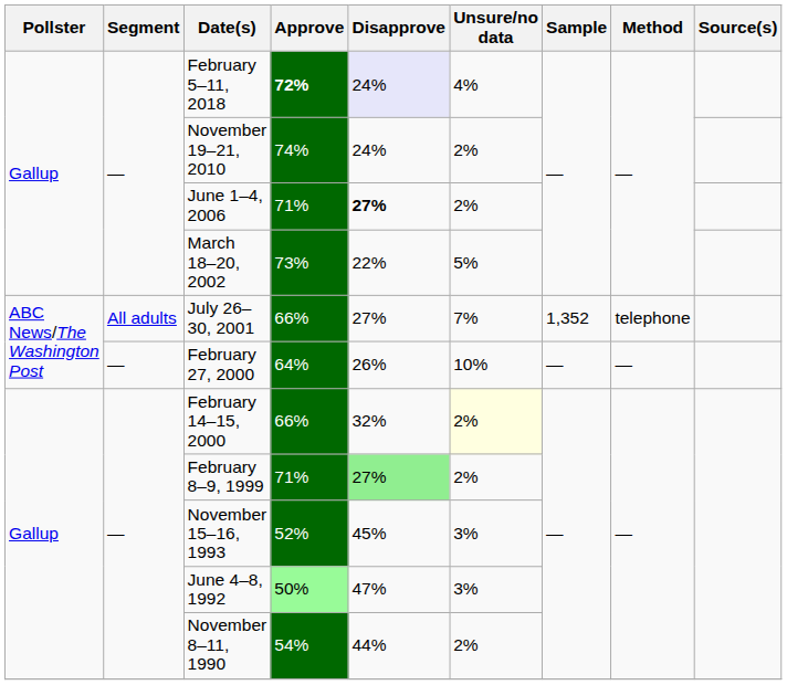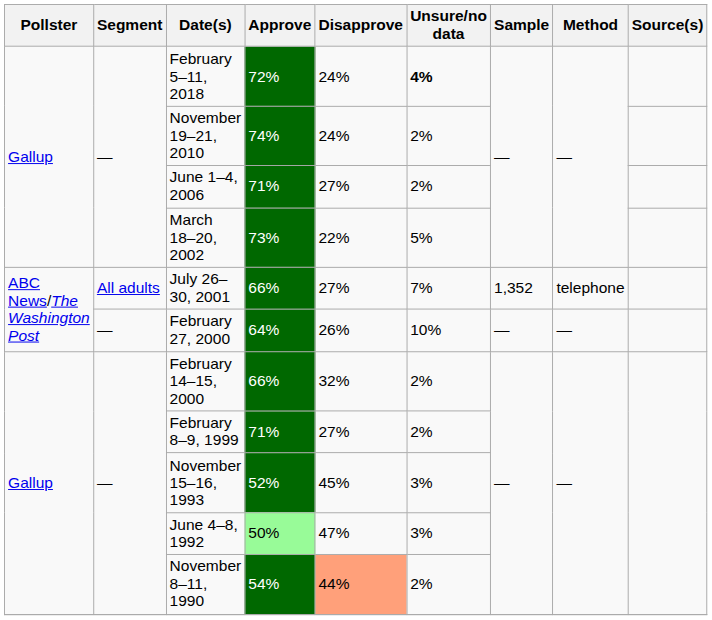 <table class="wikitable sortable" style="width:50%;">
 <tr>
 <th>Pollster</th>
 <th>Segment</th>
 <th>Date(s)</th>
 <th>Approve</th>
 <th>Disapprove</th>
 <th>Unsure/no data</th>
 <th>Sample</th>
 <th>Method</th>
 <th>Source(s)</th>
 </tr>
 <tr>
 <td rowspan="4"><a href='#'>Gallup</a></td>
 <td rowspan="4">—</td>
 <td>February 5–11, 2018</td>
-<td style="background:#006800;color:white"><strong>72%</strong></td>
-<td style="background: lavender;">24%</td>
-<td>4%</td>
+<td style="background:#006800;color:white">72%</td>
+<td>24%</td>
+<td><strong>4%</strong></td>
 <td rowspan="4">—</td>
 <td rowspan="4">—</td>
 <td></td>
 </tr>
 <tr>
 <td>November 19–21, 2010</td>
 <td style="background:#006800;color:white">74%</td>
 <td>24%</td>
 <td>2%</td>
 <td></td>
 </tr>
 <tr>
 <td>June 1–4, 2006</td>
 <td style="background:#006800;color:white">71%</td>
-<td><strong>27%</strong></td>
+<td>27%</td>
 <td>2%</td>
 <td></td>
 </tr>
 <tr>
 <td>March 18–20, 2002</td>
 <td style="background:#006800;color:white">73%</td>
 <td>22%</td>
 <td>5%</td>
 <td></td>
 </tr>
 <tr>
 <td rowspan="2"><a href='#'>ABC News</a>/<em><a href='#'>The Washington Post</a></em></td>
 <td><a href='#'>All adults</a></td>
 <td>July 26–30, 2001</td>
 <td style="background:#006800;color:white">66%</td>
 <td>27%</td>
 <td>7%</td>
 <td>1,352</td>
 <td>telephone</td>
 <td></td>
 </tr>
 <tr>
 <td>—</td>
 <td>February 27, 2000</td>
 <td style="background:#006800;color:white">64%</td>
 <td>26%</td>
 <td>10%</td>
 <td>—</td>
 <td>—</td>
 <td></td>
 </tr>
 <tr>
 <td rowspan="5"><a href='#'>Gallup</a></td>
 <td rowspan="5">—</td>
 <td>February 14–15, 2000</td>
 <td style="background:#006800;color:white">66%</td>
 <td>32%</td>
-<td style="background: lightyellow;">2%</td>
+<td>2%</td>
 <td rowspan="5">—</td>
 <td rowspan="5">—</td>
 <td rowspan="5"></td>
 </tr>
 <tr>
 <td>February 8–9, 1999</td>
 <td style="background:#006800;color:white">71%</td>
-<td style="background: lightgreen;">27%</td>
+<td>27%</td>
 <td>2%</td>
 </tr>
 <tr>
 <td>November 15–16, 1993</td>
 <td style="background:#006800;color:white">52%</td>
 <td>45%</td>
 <td>3%</td>
 </tr>
 <tr>
 <td>June 4–8, 1992</td>
 <td style="background:palegreen;color:black">50%</td>
 <td>47%</td>
 <td>3%</td>
 </tr>
 <tr>
 <td>November 8–11, 1990</td>
 <td style="background:#006800;color:white">54%</td>
-<td>44%</td>
+<td style="background: lightsalmon;">44%</td>
 <td>2%</td>
 </tr>
 <tr>
 </tr>
 </table>
